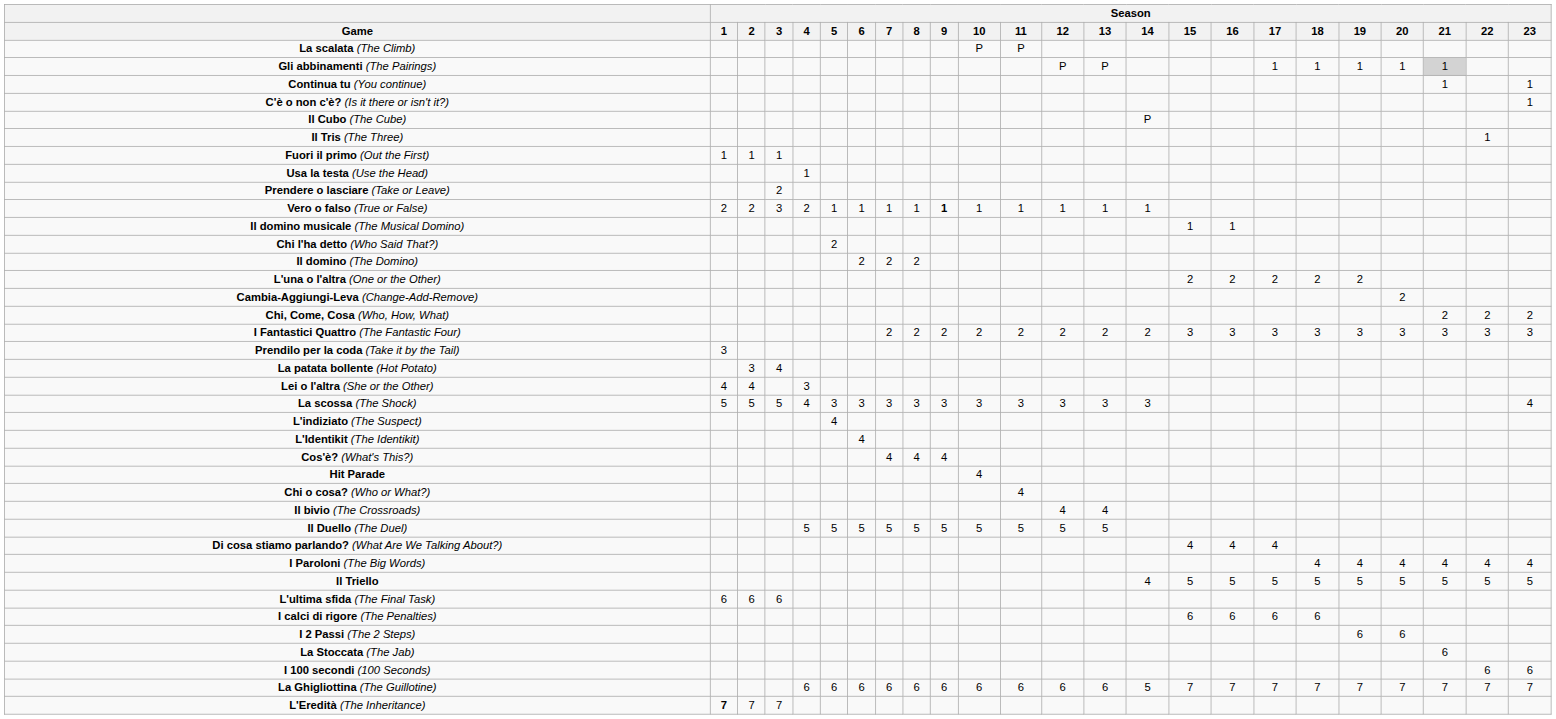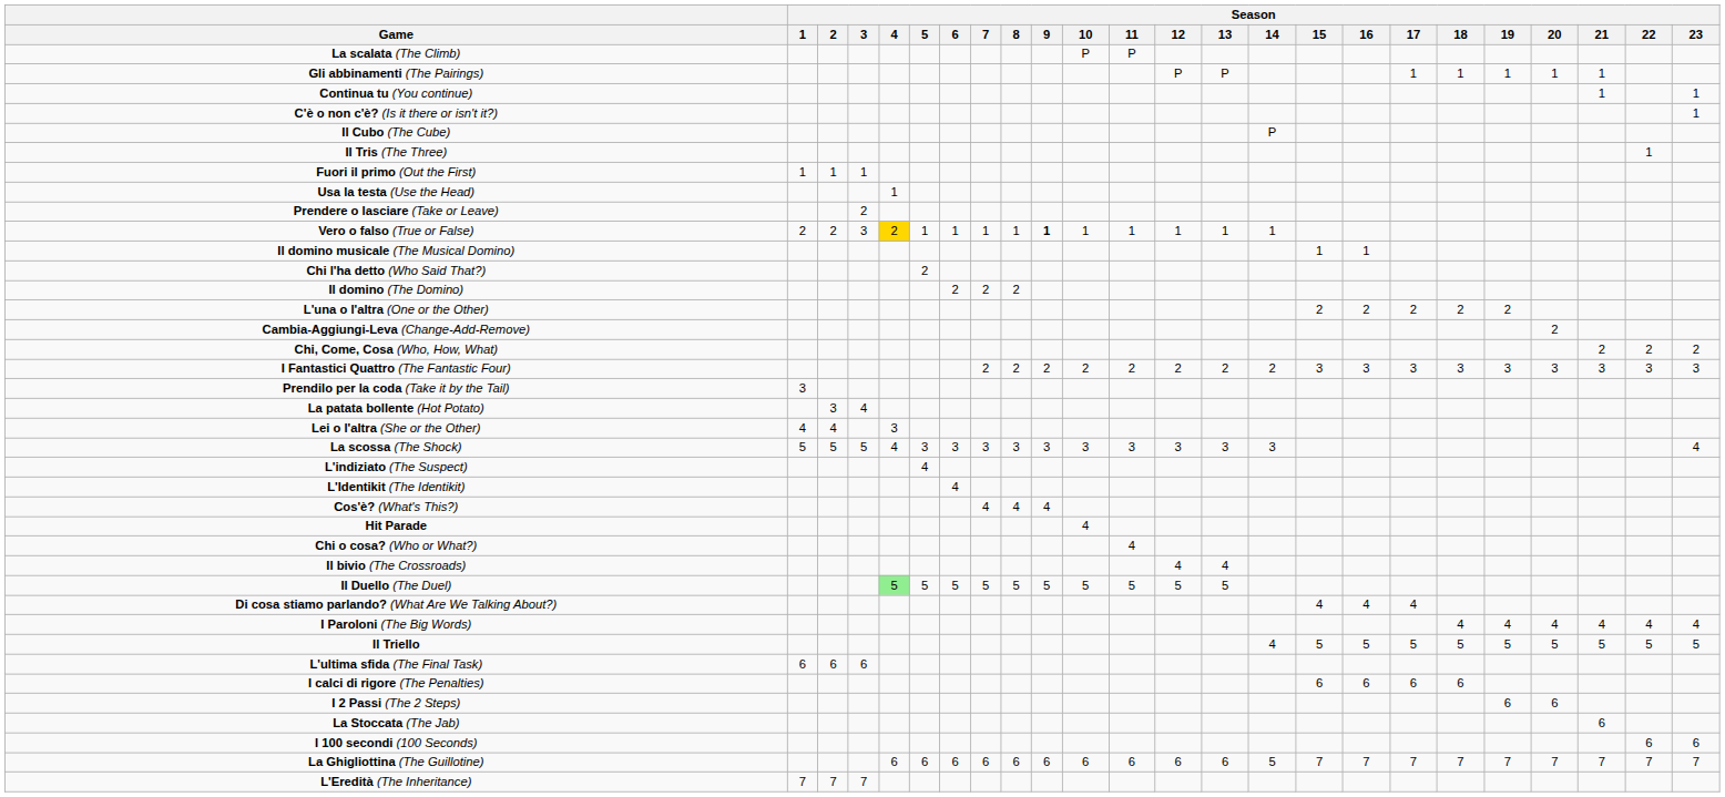 <table class="wikitable sortable"  style="text-align:center; font-size:90%; width:100%;">
 <tr>
 <th></th>
 <th colspan="23">Season</th>
 </tr>
 <tr>
 <th>Game</th>
 <th>1</th>
 <th>2</th>
 <th>3</th>
 <th>4</th>
 <th>5</th>
 <th>6</th>
 <th>7</th>
 <th>8</th>
 <th>9</th>
 <th>10</th>
 <th>11</th>
 <th>12</th>
 <th>13</th>
 <th>14</th>
 <th>15</th>
 <th>16</th>
 <th>17</th>
 <th>18</th>
 <th>19</th>
 <th>20</th>
 <th>21</th>
 <th>22</th>
 <th>23</th>
 </tr>
 <tr>
 <td><strong>La scalata</strong> <em>(The Climb)</em></td>
 <td></td>
 <td></td>
 <td></td>
 <td></td>
 <td></td>
 <td></td>
 <td></td>
 <td></td>
 <td></td>
 <td>P</td>
 <td>P</td>
 <td></td>
 <td></td>
 <td></td>
 <td></td>
 <td></td>
 <td></td>
 <td></td>
 <td></td>
 <td></td>
 <td></td>
 <td></td>
 <td></td>
 </tr>
 <tr>
 <td><strong>Gli abbinamenti</strong> <em>(The Pairings)</em></td>
 <td></td>
 <td></td>
 <td></td>
 <td></td>
 <td></td>
 <td></td>
 <td></td>
 <td></td>
 <td></td>
 <td></td>
 <td></td>
 <td>P</td>
 <td>P</td>
 <td></td>
 <td></td>
 <td></td>
 <td>1</td>
 <td>1</td>
 <td>1</td>
 <td>1</td>
-<td style="background: lightgrey;">1</td>
+<td>1</td>
 <td></td>
 <td></td>
 </tr>
 <tr>
 <td><strong>Continua tu</strong> <em>(You continue)</em></td>
 <td></td>
 <td></td>
 <td></td>
 <td></td>
 <td></td>
 <td></td>
 <td></td>
 <td></td>
 <td></td>
 <td></td>
 <td></td>
 <td></td>
 <td></td>
 <td></td>
 <td></td>
 <td></td>
 <td></td>
 <td></td>
 <td></td>
 <td></td>
 <td>1</td>
 <td></td>
 <td>1</td>
 </tr>
 <tr>
 <td><strong>C'è o non c'è?</strong> <em>(Is it there or isn't it?)</em></td>
 <td></td>
 <td></td>
 <td></td>
 <td></td>
 <td></td>
 <td></td>
 <td></td>
 <td></td>
 <td></td>
 <td></td>
 <td></td>
 <td></td>
 <td></td>
 <td></td>
 <td></td>
 <td></td>
 <td></td>
 <td></td>
 <td></td>
 <td></td>
 <td></td>
 <td></td>
 <td>1</td>
 </tr>
 <tr>
 <td><strong>Il Cubo</strong> <em>(The Cube)</em></td>
 <td></td>
 <td></td>
 <td></td>
 <td></td>
 <td></td>
 <td></td>
 <td></td>
 <td></td>
 <td></td>
 <td></td>
 <td></td>
 <td></td>
 <td></td>
 <td>P</td>
 <td></td>
 <td></td>
 <td></td>
 <td></td>
 <td></td>
 <td></td>
 <td></td>
 <td></td>
 <td></td>
 </tr>
 <tr>
 <td><strong>Il Tris</strong> <em>(The Three)</em></td>
 <td></td>
 <td></td>
 <td></td>
 <td></td>
 <td></td>
 <td></td>
 <td></td>
 <td></td>
 <td></td>
 <td></td>
 <td></td>
 <td></td>
 <td></td>
 <td></td>
 <td></td>
 <td></td>
 <td></td>
 <td></td>
 <td></td>
 <td></td>
 <td></td>
 <td>1</td>
 <td></td>
 </tr>
 <tr>
 <td><strong>Fuori il primo</strong> <em>(Out the First)</em></td>
 <td>1</td>
 <td>1</td>
 <td>1</td>
 <td></td>
 <td></td>
 <td></td>
 <td></td>
 <td></td>
 <td></td>
 <td></td>
 <td></td>
 <td></td>
 <td></td>
 <td></td>
 <td></td>
 <td></td>
 <td></td>
 <td></td>
 <td></td>
 <td></td>
 <td></td>
 <td></td>
 <td></td>
 </tr>
 <tr>
 <td><strong>Usa la testa</strong> <em>(Use the Head)</em></td>
 <td></td>
 <td></td>
 <td></td>
 <td>1</td>
 <td></td>
 <td></td>
 <td></td>
 <td></td>
 <td></td>
 <td></td>
 <td></td>
 <td></td>
 <td></td>
 <td></td>
 <td></td>
 <td></td>
 <td></td>
 <td></td>
 <td></td>
 <td></td>
 <td></td>
 <td></td>
 <td></td>
 </tr>
 <tr>
 <td><strong>Prendere o lasciare</strong> <em>(Take or Leave)</em></td>
 <td></td>
 <td></td>
 <td>2</td>
 <td></td>
 <td></td>
 <td></td>
 <td></td>
 <td></td>
 <td></td>
 <td></td>
 <td></td>
 <td></td>
 <td></td>
 <td></td>
 <td></td>
 <td></td>
 <td></td>
 <td></td>
 <td></td>
 <td></td>
 <td></td>
 <td></td>
 <td></td>
 </tr>
 <tr>
 <td><strong>Vero o falso</strong> <em>(True or False)</em></td>
 <td>2</td>
 <td>2</td>
 <td>3</td>
-<td>2</td>
+<td style="background: gold;">2</td>
 <td>1</td>
 <td>1</td>
 <td>1</td>
 <td>1</td>
 <td><strong>1</strong></td>
 <td>1</td>
 <td>1</td>
 <td>1</td>
 <td>1</td>
 <td>1</td>
 <td></td>
 <td></td>
 <td></td>
 <td></td>
 <td></td>
 <td></td>
 <td></td>
 <td></td>
 <td></td>
 </tr>
 <tr>
 <td><strong>Il domino musicale</strong> <em>(The Musical Domino)</em></td>
 <td></td>
 <td></td>
 <td></td>
 <td></td>
 <td></td>
 <td></td>
 <td></td>
 <td></td>
 <td></td>
 <td></td>
 <td></td>
 <td></td>
 <td></td>
 <td></td>
 <td>1</td>
 <td>1</td>
 <td></td>
 <td></td>
 <td></td>
 <td></td>
 <td></td>
 <td></td>
 <td></td>
 </tr>
 <tr>
 <td><strong>Chi l'ha detto</strong> <em>(Who Said That?)</em></td>
 <td></td>
 <td></td>
 <td></td>
 <td></td>
 <td>2</td>
 <td></td>
 <td></td>
 <td></td>
 <td></td>
 <td></td>
 <td></td>
 <td></td>
 <td></td>
 <td></td>
 <td></td>
 <td></td>
 <td></td>
 <td></td>
 <td></td>
 <td></td>
 <td></td>
 <td></td>
 <td></td>
 </tr>
 <tr>
 <td><strong>Il domino</strong> <em>(The Domino)</em></td>
 <td></td>
 <td></td>
 <td></td>
 <td></td>
 <td></td>
 <td>2</td>
 <td>2</td>
 <td>2</td>
 <td></td>
 <td></td>
 <td></td>
 <td></td>
 <td></td>
 <td></td>
 <td></td>
 <td></td>
 <td></td>
 <td></td>
 <td></td>
 <td></td>
 <td></td>
 <td></td>
 <td></td>
 </tr>
 <tr>
 <td><strong>L'una o l'altra</strong> <em>(One or the Other)</em></td>
 <td></td>
 <td></td>
 <td></td>
 <td></td>
 <td></td>
 <td></td>
 <td></td>
 <td></td>
 <td></td>
 <td></td>
 <td></td>
 <td></td>
 <td></td>
 <td></td>
 <td>2</td>
 <td>2</td>
 <td>2</td>
 <td>2</td>
 <td>2</td>
 <td></td>
 <td></td>
 <td></td>
 <td></td>
 </tr>
 <tr>
 <td><strong>Cambia-Aggiungi-Leva</strong> <em>(Change-Add-Remove)</em></td>
 <td></td>
 <td></td>
 <td></td>
 <td></td>
 <td></td>
 <td></td>
 <td></td>
 <td></td>
 <td></td>
 <td></td>
 <td></td>
 <td></td>
 <td></td>
 <td></td>
 <td></td>
 <td></td>
 <td></td>
 <td></td>
 <td></td>
 <td>2</td>
 <td></td>
 <td></td>
 <td></td>
 </tr>
 <tr>
 <td><strong>Chi, Come, Cosa</strong> <em>(Who, How, What)</em></td>
 <td></td>
 <td></td>
 <td></td>
 <td></td>
 <td></td>
 <td></td>
 <td></td>
 <td></td>
 <td></td>
 <td></td>
 <td></td>
 <td></td>
 <td></td>
 <td></td>
 <td></td>
 <td></td>
 <td></td>
 <td></td>
 <td></td>
 <td></td>
 <td>2</td>
 <td>2</td>
 <td>2</td>
 </tr>
 <tr>
 <td><strong>I Fantastici Quattro</strong> <em>(The Fantastic Four)</em></td>
 <td></td>
 <td></td>
 <td></td>
 <td></td>
 <td></td>
 <td></td>
 <td>2</td>
 <td>2</td>
 <td>2</td>
 <td>2</td>
 <td>2</td>
 <td>2</td>
 <td>2</td>
 <td>2</td>
 <td>3</td>
 <td>3</td>
 <td>3</td>
 <td>3</td>
 <td>3</td>
 <td>3</td>
 <td>3</td>
 <td>3</td>
 <td>3</td>
 </tr>
 <tr>
 <td><strong>Prendilo per la coda</strong> <em>(Take it by the Tail)</em></td>
 <td>3</td>
 <td></td>
 <td></td>
 <td></td>
 <td></td>
 <td></td>
 <td></td>
 <td></td>
 <td></td>
 <td></td>
 <td></td>
 <td></td>
 <td></td>
 <td></td>
 <td></td>
 <td></td>
 <td></td>
 <td></td>
 <td></td>
 <td></td>
 <td></td>
 <td></td>
 <td></td>
 </tr>
 <tr>
 <td><strong>La patata bollente</strong> <em>(Hot Potato)</em></td>
 <td></td>
 <td>3</td>
 <td>4</td>
 <td></td>
 <td></td>
 <td></td>
 <td></td>
 <td></td>
 <td></td>
 <td></td>
 <td></td>
 <td></td>
 <td></td>
 <td></td>
 <td></td>
 <td></td>
 <td></td>
 <td></td>
 <td></td>
 <td></td>
 <td></td>
 <td></td>
 <td></td>
 </tr>
 <tr>
 <td><strong>Lei o l'altra</strong> <em>(She or the Other)</em></td>
 <td>4</td>
 <td>4</td>
 <td></td>
 <td>3</td>
 <td></td>
 <td></td>
 <td></td>
 <td></td>
 <td></td>
 <td></td>
 <td></td>
 <td></td>
 <td></td>
 <td></td>
 <td></td>
 <td></td>
 <td></td>
 <td></td>
 <td></td>
 <td></td>
 <td></td>
 <td></td>
 <td></td>
 </tr>
 <tr>
 <td><strong>La scossa</strong> <em>(The Shock)</em></td>
 <td>5</td>
 <td>5</td>
 <td>5</td>
 <td>4</td>
 <td>3</td>
 <td>3</td>
 <td>3</td>
 <td>3</td>
 <td>3</td>
 <td>3</td>
 <td>3</td>
 <td>3</td>
 <td>3</td>
 <td>3</td>
 <td></td>
 <td></td>
 <td></td>
 <td></td>
 <td></td>
 <td></td>
 <td></td>
 <td></td>
 <td>4</td>
 </tr>
 <tr>
 <td><strong>L'indiziato</strong> <em>(The Suspect)</em></td>
 <td></td>
 <td></td>
 <td></td>
 <td></td>
 <td>4</td>
 <td></td>
 <td></td>
 <td></td>
 <td></td>
 <td></td>
 <td></td>
 <td></td>
 <td></td>
 <td></td>
 <td></td>
 <td></td>
 <td></td>
 <td></td>
 <td></td>
 <td></td>
 <td></td>
 <td></td>
 <td></td>
 </tr>
 <tr>
 <td><strong>L'Identikit</strong> <em>(The Identikit)</em></td>
 <td></td>
 <td></td>
 <td></td>
 <td></td>
 <td></td>
 <td>4</td>
 <td></td>
 <td></td>
 <td></td>
 <td></td>
 <td></td>
 <td></td>
 <td></td>
 <td></td>
 <td></td>
 <td></td>
 <td></td>
 <td></td>
 <td></td>
 <td></td>
 <td></td>
 <td></td>
 <td></td>
 </tr>
 <tr>
 <td><strong>Cos'è?</strong> <em>(What's This?)</em></td>
 <td></td>
 <td></td>
 <td></td>
 <td></td>
 <td></td>
 <td></td>
 <td>4</td>
 <td>4</td>
 <td>4</td>
 <td></td>
 <td></td>
 <td></td>
 <td></td>
 <td></td>
 <td></td>
 <td></td>
 <td></td>
 <td></td>
 <td></td>
 <td></td>
 <td></td>
 <td></td>
 <td></td>
 </tr>
 <tr>
 <td><strong>Hit Parade</strong></td>
 <td></td>
 <td></td>
 <td></td>
 <td></td>
 <td></td>
 <td></td>
 <td></td>
 <td></td>
 <td></td>
 <td>4</td>
 <td></td>
 <td></td>
 <td></td>
 <td></td>
 <td></td>
 <td></td>
 <td></td>
 <td></td>
 <td></td>
 <td></td>
 <td></td>
 <td></td>
 <td></td>
 </tr>
 <tr>
 <td><strong>Chi o cosa?</strong> <em>(Who or What?)</em></td>
 <td></td>
 <td></td>
 <td></td>
 <td></td>
 <td></td>
 <td></td>
 <td></td>
 <td></td>
 <td></td>
 <td></td>
 <td>4</td>
 <td></td>
 <td></td>
 <td></td>
 <td></td>
 <td></td>
 <td></td>
 <td></td>
 <td></td>
 <td></td>
 <td></td>
 <td></td>
 <td></td>
 </tr>
 <tr>
 <td><strong>Il bivio</strong> <em>(The Crossroads)</em></td>
 <td></td>
 <td></td>
 <td></td>
 <td></td>
 <td></td>
 <td></td>
 <td></td>
 <td></td>
 <td></td>
 <td></td>
 <td></td>
 <td>4</td>
 <td>4</td>
 <td></td>
 <td></td>
 <td></td>
 <td></td>
 <td></td>
 <td></td>
 <td></td>
 <td></td>
 <td></td>
 <td></td>
 </tr>
 <tr>
 <td><strong>Il Duello</strong> <em>(The Duel)</em></td>
 <td></td>
 <td></td>
 <td></td>
-<td>5</td>
+<td style="background: lightgreen;">5</td>
 <td>5</td>
 <td>5</td>
 <td>5</td>
 <td>5</td>
 <td>5</td>
 <td>5</td>
 <td>5</td>
 <td>5</td>
 <td>5</td>
 <td></td>
 <td></td>
 <td></td>
 <td></td>
 <td></td>
 <td></td>
 <td></td>
 <td></td>
 <td></td>
 <td></td>
 </tr>
 <tr>
 <td><strong>Di cosa stiamo parlando?</strong> <em>(What Are We Talking About?)</em></td>
 <td></td>
 <td></td>
 <td></td>
 <td></td>
 <td></td>
 <td></td>
 <td></td>
 <td></td>
 <td></td>
 <td></td>
 <td></td>
 <td></td>
 <td></td>
 <td></td>
 <td>4</td>
 <td>4</td>
 <td>4</td>
 <td></td>
 <td></td>
 <td></td>
 <td></td>
 <td></td>
 <td></td>
 </tr>
 <tr>
 <td><strong>I Paroloni</strong> <em>(The Big Words)</em></td>
 <td></td>
 <td></td>
 <td></td>
 <td></td>
 <td></td>
 <td></td>
 <td></td>
 <td></td>
 <td></td>
 <td></td>
 <td></td>
 <td></td>
 <td></td>
 <td></td>
 <td></td>
 <td></td>
 <td></td>
 <td>4</td>
 <td>4</td>
 <td>4</td>
 <td>4</td>
 <td>4</td>
 <td>4</td>
 </tr>
 <tr>
 <td><strong>Il Triello</strong></td>
 <td></td>
 <td></td>
 <td></td>
 <td></td>
 <td></td>
 <td></td>
 <td></td>
 <td></td>
 <td></td>
 <td></td>
 <td></td>
 <td></td>
 <td></td>
 <td>4</td>
 <td>5</td>
 <td>5</td>
 <td>5</td>
 <td>5</td>
 <td>5</td>
 <td>5</td>
 <td>5</td>
 <td>5</td>
 <td>5</td>
 </tr>
 <tr>
 <td><strong>L'ultima sfida</strong> <em>(The Final Task)</em></td>
 <td>6</td>
 <td>6</td>
 <td>6</td>
 <td></td>
 <td></td>
 <td></td>
 <td></td>
 <td></td>
 <td></td>
 <td></td>
 <td></td>
 <td></td>
 <td></td>
 <td></td>
 <td></td>
 <td></td>
 <td></td>
 <td></td>
 <td></td>
 <td></td>
 <td></td>
 <td></td>
 <td></td>
 </tr>
 <tr>
 <td><strong>I calci di rigore</strong> <em>(The Penalties)</em></td>
 <td></td>
 <td></td>
 <td></td>
 <td></td>
 <td></td>
 <td></td>
 <td></td>
 <td></td>
 <td></td>
 <td></td>
 <td></td>
 <td></td>
 <td></td>
 <td></td>
 <td>6</td>
 <td>6</td>
 <td>6</td>
 <td>6</td>
 <td></td>
 <td></td>
 <td></td>
 <td></td>
 <td></td>
 </tr>
 <tr>
 <td><strong>I 2 Passi</strong> <em>(The 2 Steps)</em></td>
 <td></td>
 <td></td>
 <td></td>
 <td></td>
 <td></td>
 <td></td>
 <td></td>
 <td></td>
 <td></td>
 <td></td>
 <td></td>
 <td></td>
 <td></td>
 <td></td>
 <td></td>
 <td></td>
 <td></td>
 <td></td>
 <td>6</td>
 <td>6</td>
 <td></td>
 <td></td>
 <td></td>
 </tr>
 <tr>
 <td><strong>La Stoccata</strong> <em>(The Jab)</em></td>
 <td></td>
 <td></td>
 <td></td>
 <td></td>
 <td></td>
 <td></td>
 <td></td>
 <td></td>
 <td></td>
 <td></td>
 <td></td>
 <td></td>
 <td></td>
 <td></td>
 <td></td>
 <td></td>
 <td></td>
 <td></td>
 <td></td>
 <td></td>
 <td>6</td>
 <td></td>
 <td></td>
 </tr>
 <tr>
 <td><strong>I 100 secondi</strong> <em>(100 Seconds)</em></td>
 <td></td>
 <td></td>
 <td></td>
 <td></td>
 <td></td>
 <td></td>
 <td></td>
 <td></td>
 <td></td>
 <td></td>
 <td></td>
 <td></td>
 <td></td>
 <td></td>
 <td></td>
 <td></td>
 <td></td>
 <td></td>
 <td></td>
 <td></td>
 <td></td>
 <td>6</td>
 <td>6</td>
 </tr>
 <tr>
 <td><strong>La Ghigliottina</strong> <em>(The Guillotine)</em></td>
 <td></td>
 <td></td>
 <td></td>
 <td>6</td>
 <td>6</td>
 <td>6</td>
 <td>6</td>
 <td>6</td>
 <td>6</td>
 <td>6</td>
 <td>6</td>
 <td>6</td>
 <td>6</td>
 <td>5</td>
 <td>7</td>
 <td>7</td>
 <td>7</td>
 <td>7</td>
 <td>7</td>
 <td>7</td>
 <td>7</td>
 <td>7</td>
 <td>7</td>
 </tr>
 <tr>
 <td><strong>L'Eredità</strong> <em>(The Inheritance)</em></td>
-<td><strong>7</strong></td>
+<td>7</td>
 <td>7</td>
 <td>7</td>
 <td></td>
 <td></td>
 <td></td>
 <td></td>
 <td></td>
 <td></td>
 <td></td>
 <td></td>
 <td></td>
 <td></td>
 <td></td>
 <td></td>
 <td></td>
 <td></td>
 <td></td>
 <td></td>
 <td></td>
 <td></td>
 <td></td>
 <td></td>
 </tr>
 </table>
